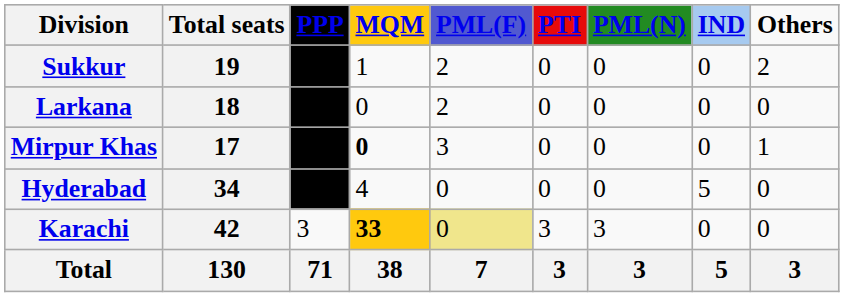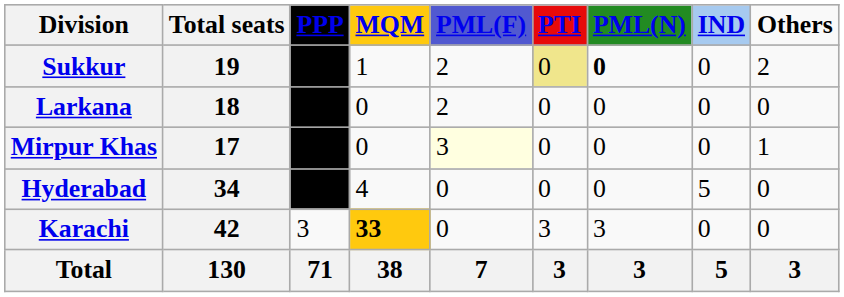 <table class="wikitable">
 <tr>
 <th>Division</th>
 <th>Total seats</th>
 <th style="background:#000000;"><a href='#'><span><strong>PPP</strong></span></a></th>
 <th style="background:#ffc90e;"><a href='#'><span><strong>MQM</strong></span></a></th>
 <th style="background:#5159d0;"><a href='#'><span><strong>PML(F)</strong></span></a></th>
 <th style="background:#E70A0A;"><a href='#'><span><strong>PTI</strong></span></a></th>
 <th style="background:#228b22;"><a href='#'><span><strong>PML(N)</strong></span></a></th>
 <th style="background:#a6caf0;"><a href='#'><span><strong>IND</strong></span></a></th>
 <td><span><strong>Others</strong></span></td>
 </tr>
 <tr>
 <th><a href='#'>Sukkur</a></th>
 <th>19</th>
 <td bgcolor="#000000"><span><strong>14</strong></span></td>
 <td>1</td>
 <td>2</td>
-<td>0</td>
-<td>0</td>
+<td style="background: khaki;">0</td>
+<td><strong>0</strong></td>
 <td>0</td>
 <td>2</td>
 </tr>
 <tr>
 <th><a href='#'>Larkana</a></th>
 <th>18</th>
 <td bgcolor="#000000"><span><strong>16</strong></span></td>
 <td>0</td>
 <td>2</td>
 <td>0</td>
 <td>0</td>
 <td>0</td>
 <td>0</td>
 </tr>
 <tr>
 <th><a href='#'>Mirpur Khas</a></th>
 <th>17</th>
 <td bgcolor="#000000"><span><strong>13</strong></span></td>
-<td><strong>0</strong></td>
-<td>3</td>
+<td>0</td>
+<td style="background: lightyellow;">3</td>
 <td>0</td>
 <td>0</td>
 <td>0</td>
 <td>1</td>
 </tr>
 <tr>
 <th><a href='#'>Hyderabad</a></th>
 <th>34</th>
 <td bgcolor="#000000"><span><strong>25</strong></span></td>
 <td>4</td>
 <td>0</td>
 <td>0</td>
 <td>0</td>
 <td>5</td>
 <td>0</td>
 </tr>
 <tr>
 <th><a href='#'>Karachi</a></th>
 <th>42</th>
 <td>3</td>
 <td bgcolor=#ffc90e><span><strong>33</strong></span></td>
-<td style="background: khaki;">0</td>
+<td>0</td>
 <td>3</td>
 <td>3</td>
 <td>0</td>
 <td>0</td>
 </tr>
 <tr>
 <th>Total</th>
 <th>130</th>
 <th>71</th>
 <th>38</th>
 <th>7</th>
 <th>3</th>
 <th>3</th>
 <th>5</th>
 <th>3</th>
 </tr>
 </table>
